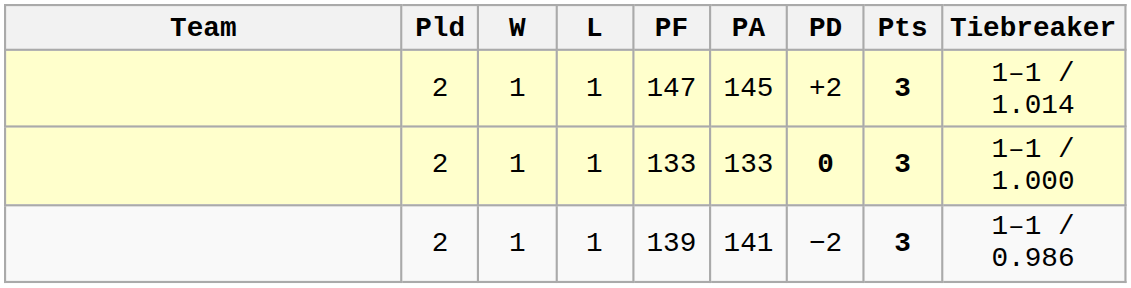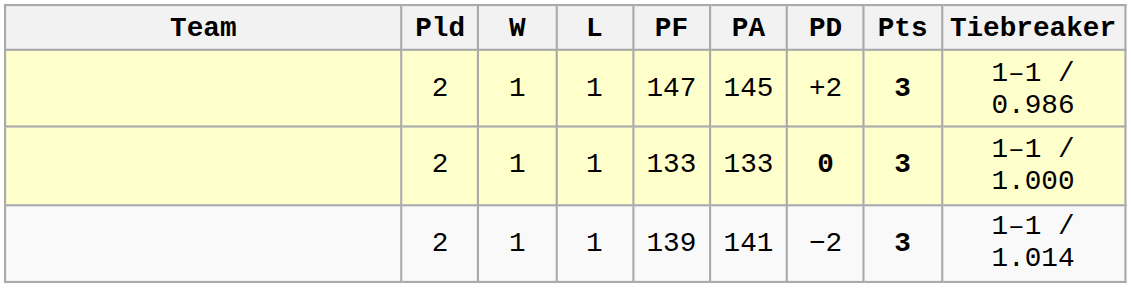 <table class="wikitable" style="text-align:center;">
 <tr>
 <th width=180>Team</th>
 <th width=30>Pld</th>
 <th width=30>W</th>
 <th width=30>L</th>
 <th width=30>PF</th>
 <th width=30>PA</th>
 <th width=30>PD</th>
 <th width=30>Pts</th>
 <th width=80>Tiebreaker</th>
 </tr>
 <tr align=center bgcolor="ffffcc">
 <td align="left"></td>
 <td>2</td>
 <td>1</td>
 <td>1</td>
 <td>147</td>
 <td>145</td>
 <td>+2</td>
 <td><strong>3</strong></td>
-<td>1–1 / 1.014</td>
+<td>1–1 / 0.986</td>
 </tr>
 <tr align=center bgcolor="ffffcc">
 <td align="left"></td>
 <td>2</td>
 <td>1</td>
 <td>1</td>
 <td>133</td>
 <td>133</td>
 <td><strong>0</strong></td>
 <td><strong>3</strong></td>
 <td>1–1 / 1.000</td>
 </tr>
 <tr>
 <td align="left"></td>
 <td>2</td>
 <td>1</td>
 <td>1</td>
 <td>139</td>
 <td>141</td>
 <td>−2</td>
 <td><strong>3</strong></td>
-<td>1–1 / 0.986</td>
+<td>1–1 / 1.014</td>
 </tr>
 </table>
